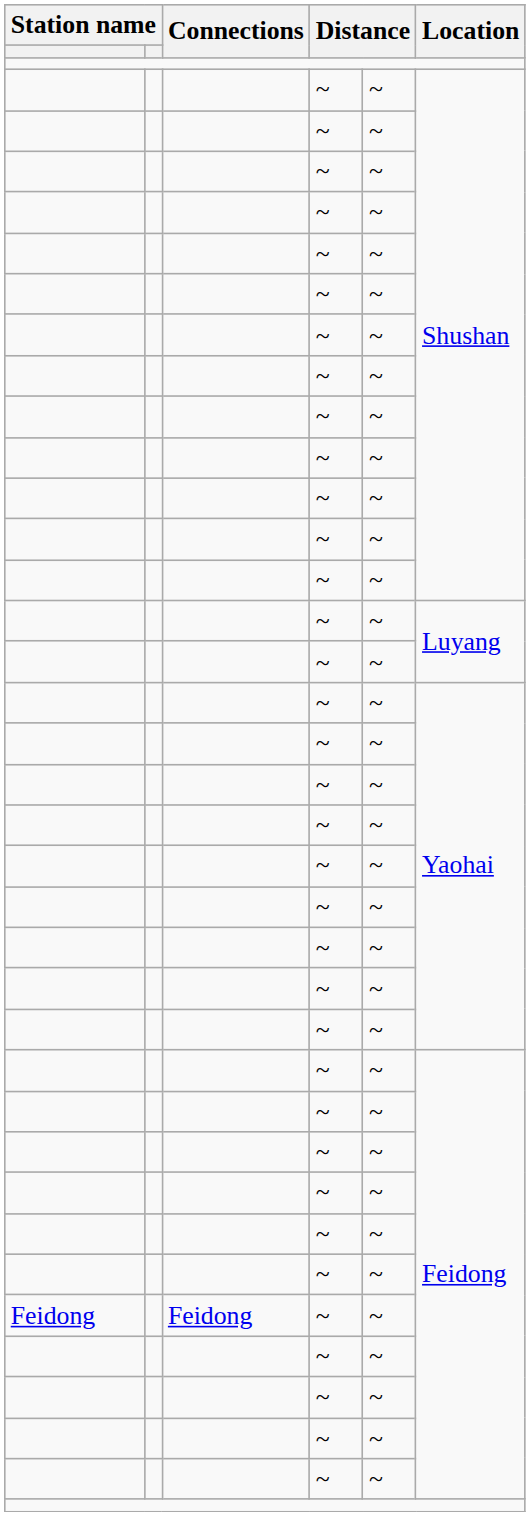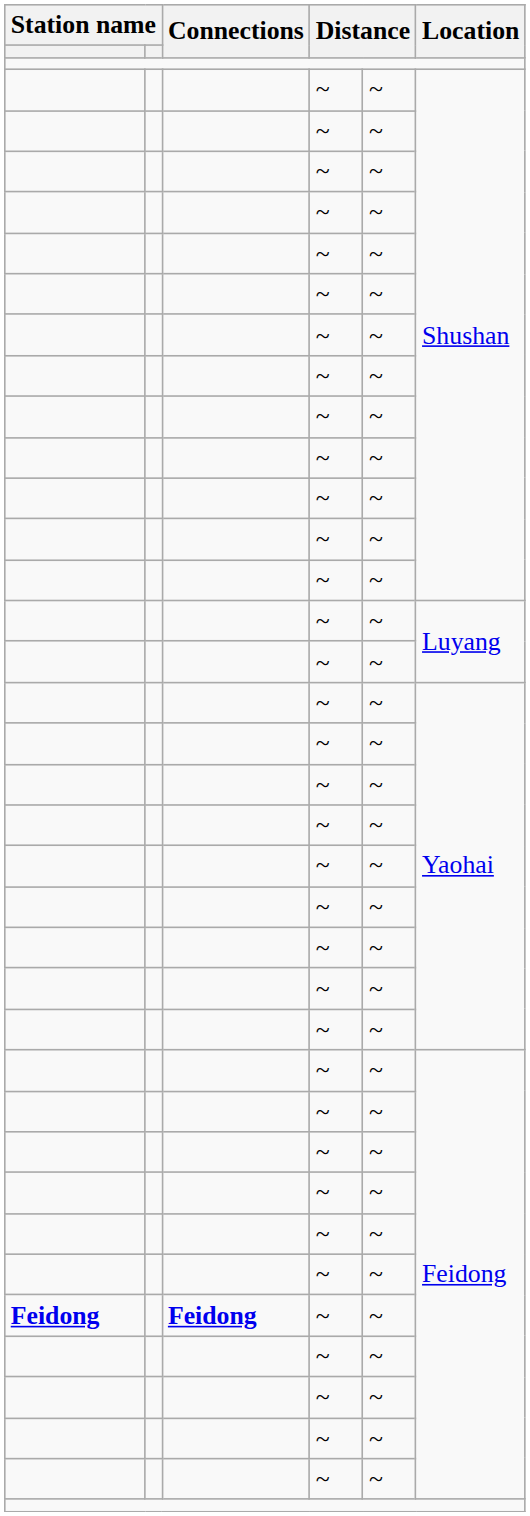 <table class="wikitable">
 <tr>
 <th colspan=2>Station name</th>
 <th rowspan=2>Connections</th>
 <th colspan="2" rowspan="2">Distance<br></th>
 <th rowspan=2>Location</th>
 </tr>
 <tr>
 <th></th>
 <th></th>
 </tr>
 <tr style="background:#">
 <td colspan = "6"></td>
 </tr>
 <tr>
 <td></td>
 <td></td>
 <td></td>
 <td>~</td>
 <td>~</td>
 <td rowspan="13"><a href='#'>Shushan</a></td>
 </tr>
 <tr>
 <td></td>
 <td></td>
 <td></td>
 <td>~</td>
 <td>~</td>
 </tr>
 <tr>
 <td></td>
 <td></td>
 <td></td>
 <td>~</td>
 <td>~</td>
 </tr>
 <tr>
 <td></td>
 <td></td>
 <td></td>
 <td>~</td>
 <td>~</td>
 </tr>
 <tr>
 <td></td>
 <td></td>
 <td></td>
 <td>~</td>
 <td>~</td>
 </tr>
 <tr>
 <td></td>
 <td></td>
 <td></td>
 <td>~</td>
 <td>~</td>
 </tr>
 <tr>
 <td></td>
 <td></td>
 <td></td>
 <td>~</td>
 <td>~</td>
 </tr>
 <tr>
 <td></td>
 <td></td>
 <td></td>
 <td>~</td>
 <td>~</td>
 </tr>
 <tr>
 <td></td>
 <td></td>
 <td></td>
 <td>~</td>
 <td>~</td>
 </tr>
 <tr>
 <td></td>
 <td></td>
 <td></td>
 <td>~</td>
 <td>~</td>
 </tr>
 <tr>
 <td></td>
 <td></td>
 <td></td>
 <td>~</td>
 <td>~</td>
 </tr>
 <tr>
 <td></td>
 <td></td>
 <td></td>
 <td>~</td>
 <td>~</td>
 </tr>
 <tr>
 <td></td>
 <td></td>
 <td></td>
 <td>~</td>
 <td>~</td>
 </tr>
 <tr>
 <td></td>
 <td></td>
 <td></td>
 <td>~</td>
 <td>~</td>
 <td rowspan="2"><a href='#'>Luyang</a></td>
 </tr>
 <tr>
 <td></td>
 <td></td>
 <td></td>
 <td>~</td>
 <td>~</td>
 </tr>
 <tr>
 <td></td>
 <td></td>
 <td></td>
 <td>~</td>
 <td>~</td>
 <td rowspan="9"><a href='#'>Yaohai</a></td>
 </tr>
 <tr>
 <td></td>
 <td></td>
 <td></td>
 <td>~</td>
 <td>~</td>
 </tr>
 <tr>
 <td></td>
 <td></td>
 <td></td>
 <td>~</td>
 <td>~</td>
 </tr>
 <tr>
 <td></td>
 <td></td>
 <td></td>
 <td>~</td>
 <td>~</td>
 </tr>
 <tr>
 <td></td>
 <td></td>
 <td></td>
 <td>~</td>
 <td>~</td>
 </tr>
 <tr>
 <td></td>
 <td></td>
 <td></td>
 <td>~</td>
 <td>~</td>
 </tr>
 <tr>
 <td></td>
 <td></td>
 <td></td>
 <td>~</td>
 <td>~</td>
 </tr>
 <tr>
 <td></td>
 <td></td>
 <td></td>
 <td>~</td>
 <td>~</td>
 </tr>
 <tr>
 <td></td>
 <td></td>
 <td></td>
 <td>~</td>
 <td>~</td>
 </tr>
 <tr>
 <td></td>
 <td></td>
 <td></td>
 <td>~</td>
 <td>~</td>
 <td rowspan="11"><a href='#'>Feidong</a></td>
 </tr>
 <tr>
 <td></td>
 <td></td>
 <td></td>
 <td>~</td>
 <td>~</td>
 </tr>
 <tr>
 <td></td>
 <td></td>
 <td></td>
 <td>~</td>
 <td>~</td>
 </tr>
 <tr>
 <td></td>
 <td></td>
 <td></td>
 <td>~</td>
 <td>~</td>
 </tr>
 <tr>
 <td></td>
 <td></td>
 <td></td>
 <td>~</td>
 <td>~</td>
 </tr>
 <tr>
 <td></td>
 <td></td>
 <td></td>
 <td>~</td>
 <td>~</td>
 </tr>
 <tr>
-<td><a href='#'>Feidong</a></td>
+<td><strong><a href='#'>Feidong</a></strong></td>
 <td></td>
-<td> <a href='#'>Feidong</a></td>
+<td><strong> <a href='#'>Feidong</a></strong></td>
 <td>~</td>
 <td>~</td>
 </tr>
 <tr>
 <td></td>
 <td></td>
 <td></td>
 <td>~</td>
 <td>~</td>
 </tr>
 <tr>
 <td></td>
 <td></td>
 <td></td>
 <td>~</td>
 <td>~</td>
 </tr>
 <tr>
 <td></td>
 <td></td>
 <td></td>
 <td>~</td>
 <td>~</td>
 </tr>
 <tr>
 <td></td>
 <td></td>
 <td></td>
 <td>~</td>
 <td>~</td>
 </tr>
 <tr style="background:#">
 <td colspan = "6"></td>
 </tr>
 </table>
